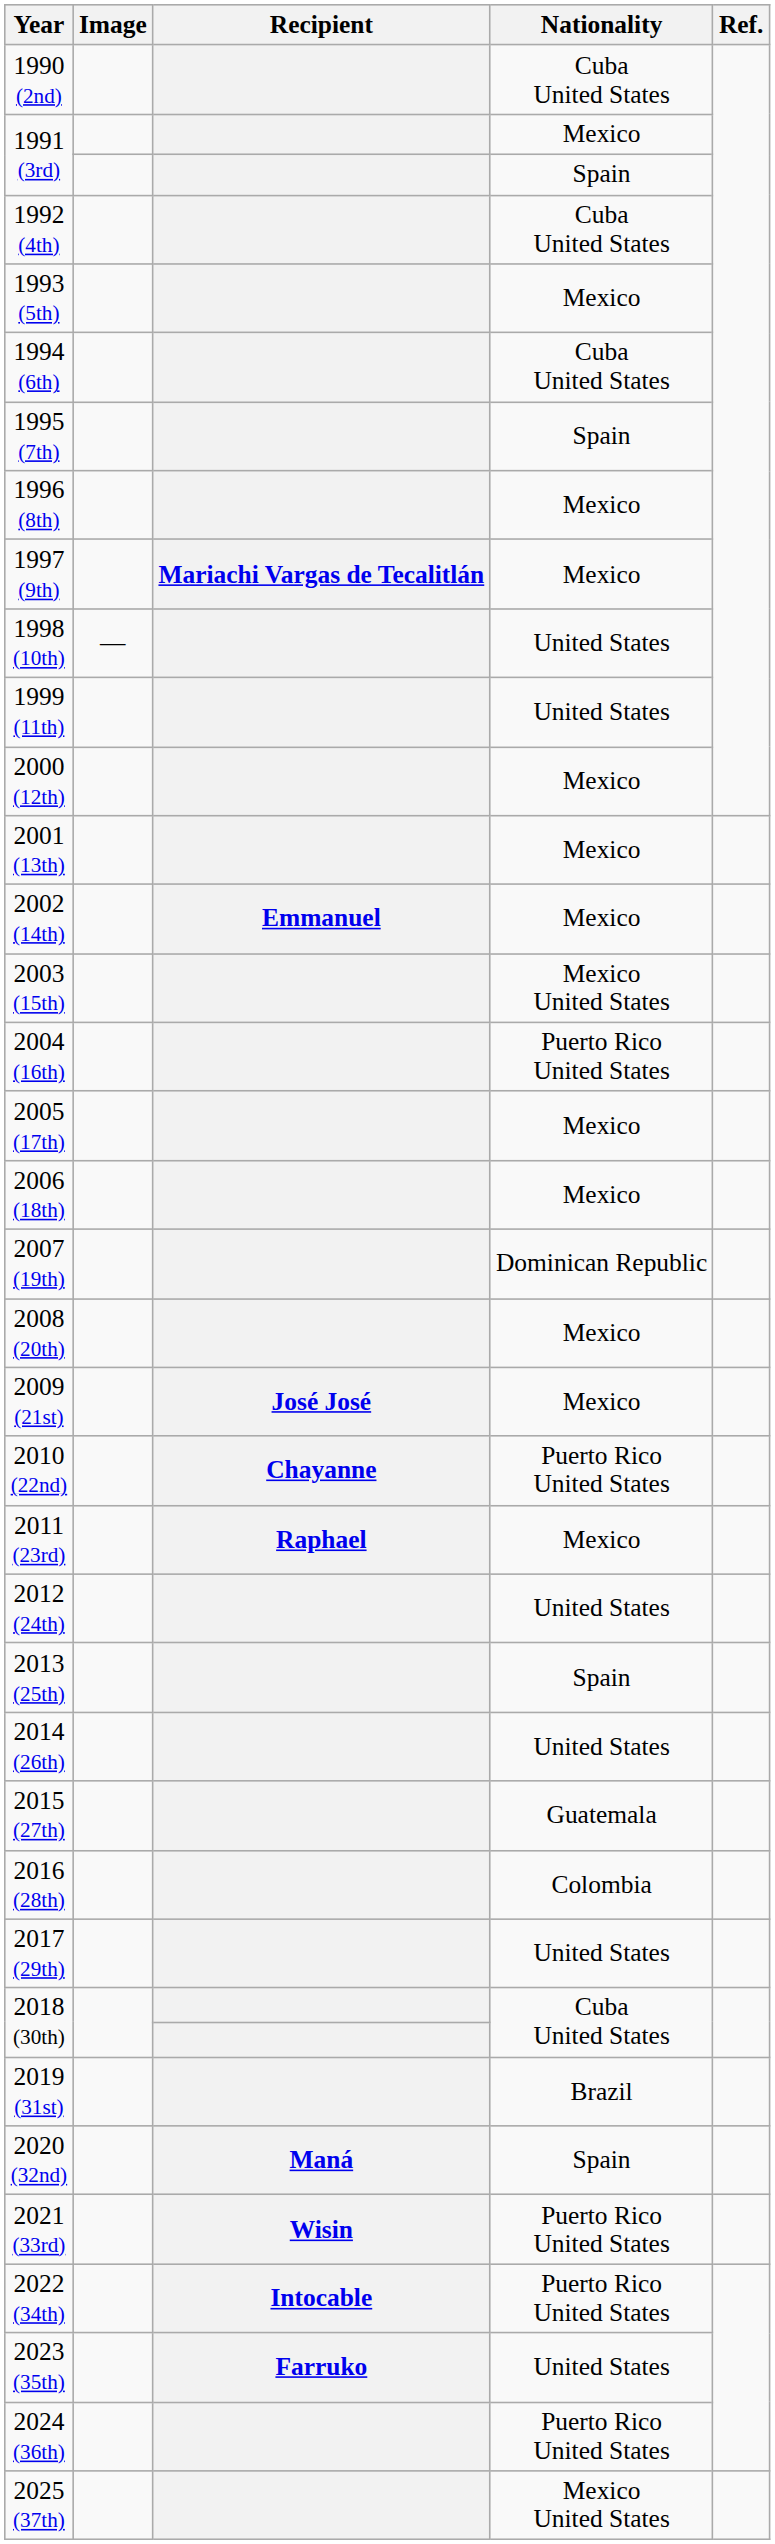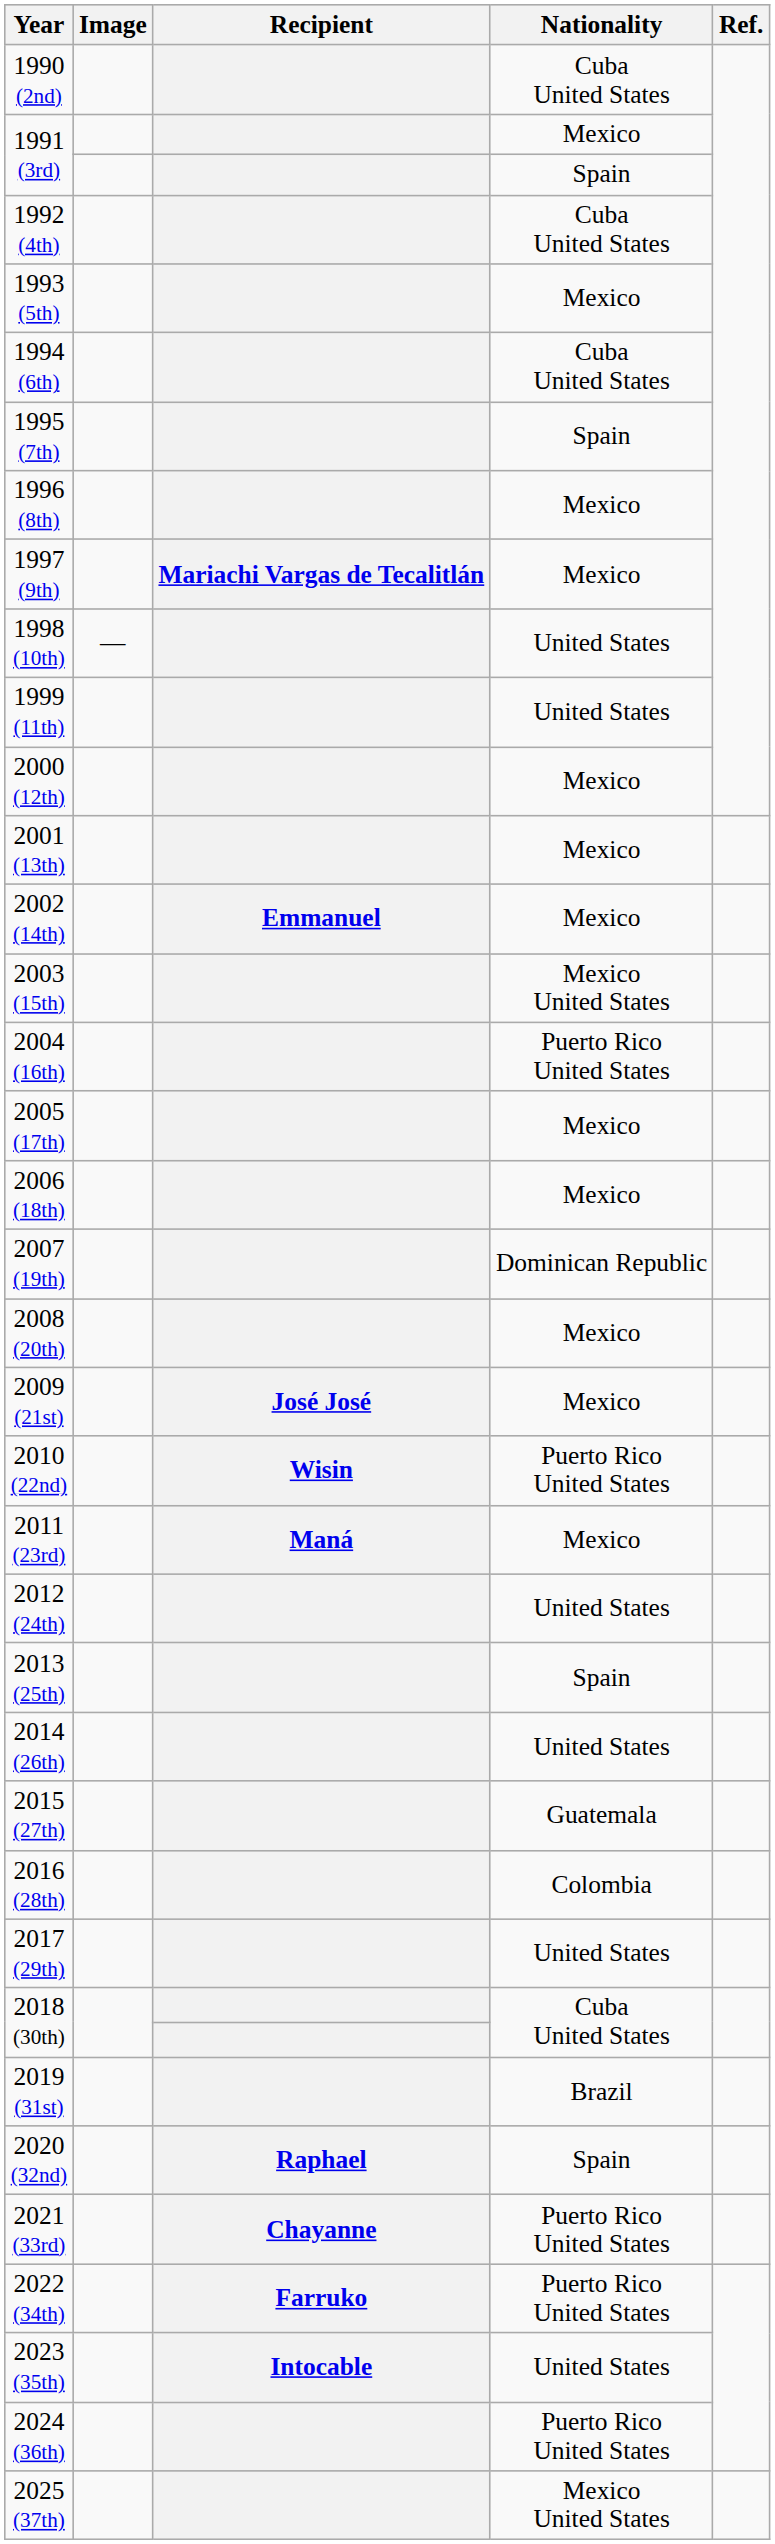 <table class="wikitable sortable plainrowheaders" style="text-align:center;">
 <tr>
 <th scope=col>Year</th>
 <th scope=col class=unsortable>Image</th>
 <th scope=col>Recipient</th>
 <th scope=col>Nationality</th>
 <th scope=col class=unsortable>Ref.</th>
 </tr>
 <tr>
 <td>1990 <br><small><a href='#'>(2nd)</a></small></td>
 <td></td>
 <th scope=row style="text-align:center;"></th>
 <td>Cuba<br>United States</td>
 <td rowspan="12"></td>
 </tr>
 <tr>
 <td rowspan="2">1991 <br><small><a href='#'>(3rd)</a></small></td>
 <td></td>
 <th scope=row style="text-align:center;"></th>
 <td>Mexico</td>
 </tr>
 <tr>
 <td></td>
 <th scope=row style="text-align:center;"></th>
 <td>Spain</td>
 </tr>
 <tr>
 <td>1992 <br><small><a href='#'>(4th)</a></small></td>
 <td></td>
 <th scope=row style="text-align:center;"></th>
 <td>Cuba<br>United States</td>
 </tr>
 <tr>
 <td>1993 <br><small><a href='#'>(5th)</a></small></td>
 <td></td>
 <th scope=row style="text-align:center;"></th>
 <td>Mexico</td>
 </tr>
 <tr>
 <td>1994 <br><small><a href='#'>(6th)</a></small></td>
 <td></td>
 <th scope=row style="text-align:center;"></th>
 <td>Cuba<br>United States</td>
 </tr>
 <tr>
 <td>1995 <br><small><a href='#'>(7th)</a></small></td>
 <td></td>
 <th scope=row style="text-align:center;"></th>
 <td>Spain</td>
 </tr>
 <tr>
 <td>1996 <br><small><a href='#'>(8th)</a></small></td>
 <td></td>
 <th scope=row style="text-align:center;"></th>
 <td>Mexico</td>
 </tr>
 <tr>
 <td>1997 <br><small><a href='#'>(9th)</a></small></td>
 <td></td>
 <th scope=row style="text-align:center;"><a href='#'>Mariachi Vargas de Tecalitlán</a></th>
 <td>Mexico</td>
 </tr>
 <tr>
 <td>1998 <br><small><a href='#'>(10th)</a></small></td>
 <td>—</td>
 <th scope=row style="text-align:center;"></th>
 <td>United States</td>
 </tr>
 <tr>
 <td>1999 <br><small><a href='#'>(11th)</a></small></td>
 <td></td>
 <th scope=row style="text-align:center;"></th>
 <td>United States</td>
 </tr>
 <tr>
 <td>2000 <br><small><a href='#'>(12th)</a></small></td>
 <td></td>
 <th scope=row style="text-align:center;"></th>
 <td>Mexico</td>
 </tr>
 <tr>
 <td>2001 <br><small><a href='#'>(13th)</a></small></td>
 <td></td>
 <th scope=row style="text-align:center;"></th>
 <td>Mexico</td>
 <td></td>
 </tr>
 <tr>
 <td>2002 <br><small><a href='#'>(14th)</a></small></td>
 <td></td>
 <th scope=row style="text-align:center;"><a href='#'>Emmanuel</a></th>
 <td>Mexico</td>
 <td></td>
 </tr>
 <tr>
 <td>2003 <br><small><a href='#'>(15th)</a></small></td>
 <td></td>
 <th scope=row style="text-align:center;"></th>
 <td>Mexico<br>United States</td>
 <td></td>
 </tr>
 <tr>
 <td>2004 <br><small><a href='#'>(16th)</a></small></td>
 <td></td>
 <th scope=row style="text-align:center;"></th>
 <td>Puerto Rico<br>United States</td>
 <td></td>
 </tr>
 <tr>
 <td>2005 <br><small><a href='#'>(17th)</a></small></td>
 <td></td>
 <th scope=row style="text-align:center;"></th>
 <td>Mexico</td>
 <td></td>
 </tr>
 <tr>
 <td>2006 <br><small><a href='#'>(18th)</a></small></td>
 <td></td>
 <th scope=row style="text-align:center;"></th>
 <td>Mexico</td>
 <td></td>
 </tr>
 <tr>
 <td>2007 <br><small><a href='#'>(19th)</a></small></td>
 <td></td>
 <th scope=row style="text-align:center;"></th>
 <td>Dominican Republic</td>
 <td></td>
 </tr>
 <tr>
 <td>2008 <br><small><a href='#'>(20th)</a></small></td>
 <td></td>
 <th scope=row style="text-align:center;"></th>
 <td>Mexico</td>
 <td></td>
 </tr>
 <tr>
 <td>2009 <br><small><a href='#'>(21st)</a></small></td>
 <td></td>
 <th scope=row style="text-align:center;"><a href='#'>José José</a></th>
 <td>Mexico</td>
 <td></td>
 </tr>
 <tr>
 <td>2010 <br><small><a href='#'>(22nd)</a></small></td>
 <td></td>
-<th scope=row style="text-align:center;"><a href='#'>Chayanne</a></th>
+<th scope=row style="text-align:center;"><a href='#'>Wisin</a></th>
 <td>Puerto Rico<br>United States</td>
 <td></td>
 </tr>
 <tr>
 <td>2011 <br><small><a href='#'>(23rd)</a></small></td>
 <td></td>
-<th scope=row style="text-align:center;"><a href='#'>Raphael</a></th>
+<th scope=row style="text-align:center;"><a href='#'>Maná</a></th>
 <td>Mexico</td>
 <td></td>
 </tr>
 <tr>
 <td>2012 <br><small><a href='#'>(24th)</a></small></td>
 <td></td>
 <th scope=row style="text-align:center;"></th>
 <td>United States</td>
 <td></td>
 </tr>
 <tr>
 <td>2013 <br><small><a href='#'>(25th)</a></small></td>
 <td></td>
 <th scope=row style="text-align:center;"></th>
 <td>Spain</td>
 <td></td>
 </tr>
 <tr>
 <td>2014 <br><small><a href='#'>(26th)</a></small></td>
 <td></td>
 <th scope=row style="text-align:center;"></th>
 <td>United States</td>
 <td></td>
 </tr>
 <tr>
 <td>2015 <br><small><a href='#'>(27th)</a></small></td>
 <td></td>
 <th scope=row style="text-align:center;"></th>
 <td>Guatemala</td>
 <td></td>
 </tr>
 <tr>
 <td>2016 <br><small><a href='#'>(28th)</a></small></td>
 <td></td>
 <th scope=row style="text-align:center;"></th>
 <td>Colombia</td>
 <td></td>
 </tr>
 <tr>
 <td>2017 <br><small><a href='#'>(29th)</a></small></td>
 <td></td>
 <th scope=row style="text-align:center;"></th>
 <td>United States</td>
 <td></td>
 </tr>
 <tr>
 <td rowspan="2">2018 <br><small>(30th)</small></td>
 <td rowspan="2"></td>
 <th scope=row style="text-align:center;"></th>
 <td rowspan="2">Cuba<br>United States</td>
 <td rowspan="2"></td>
 </tr>
 <tr>
 <th scope=row style="text-align:center;"></th>
 </tr>
 <tr>
 <td>2019 <br><small><a href='#'>(31st)</a></small></td>
 <td></td>
 <th scope=row style="text-align:center;"></th>
 <td>Brazil</td>
 <td></td>
 </tr>
 <tr>
 <td>2020 <br><small><a href='#'>(32nd)</a></small></td>
 <td></td>
-<th scope=row style="text-align:center;"><a href='#'>Maná</a></th>
+<th scope=row style="text-align:center;"><a href='#'>Raphael</a></th>
 <td>Spain</td>
 <td></td>
 </tr>
 <tr>
 <td>2021 <br><small><a href='#'>(33rd)</a></small></td>
 <td></td>
-<th scope=row style="text-align:center;"><a href='#'>Wisin</a></th>
+<th scope=row style="text-align:center;"><a href='#'>Chayanne</a></th>
 <td>Puerto Rico<br>United States</td>
 <td></td>
 </tr>
 <tr>
 <td>2022 <br><small><a href='#'>(34th)</a></small></td>
 <td></td>
-<th scope=row style="text-align:center;"><a href='#'>Intocable</a></th>
+<th scope=row style="text-align:center;"><a href='#'>Farruko</a></th>
 <td>Puerto Rico<br>United States</td>
 <td rowspan="3"></td>
 </tr>
 <tr>
 <td>2023 <br><small><a href='#'>(35th)</a></small></td>
 <td></td>
-<th scope=row style="text-align:center;"><a href='#'>Farruko</a></th>
+<th scope=row style="text-align:center;"><a href='#'>Intocable</a></th>
 <td>United States</td>
 </tr>
 <tr>
 <td>2024 <br><small><a href='#'>(36th)</a></small></td>
 <td></td>
 <th scope=row style="text-align:center;"></th>
 <td>Puerto Rico<br>United States</td>
 </tr>
 <tr>
 <td>2025 <br><small><a href='#'>(37th)</a></small></td>
 <td></td>
 <th scope=row style="text-align:center;"></th>
 <td>Mexico<br>United States</td>
 <td></td>
 </tr>
 </table>
